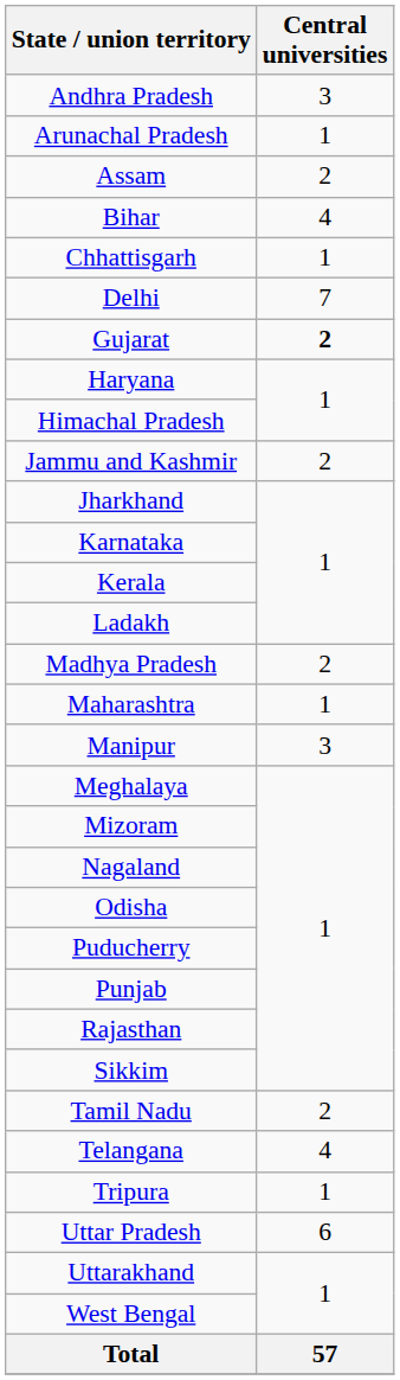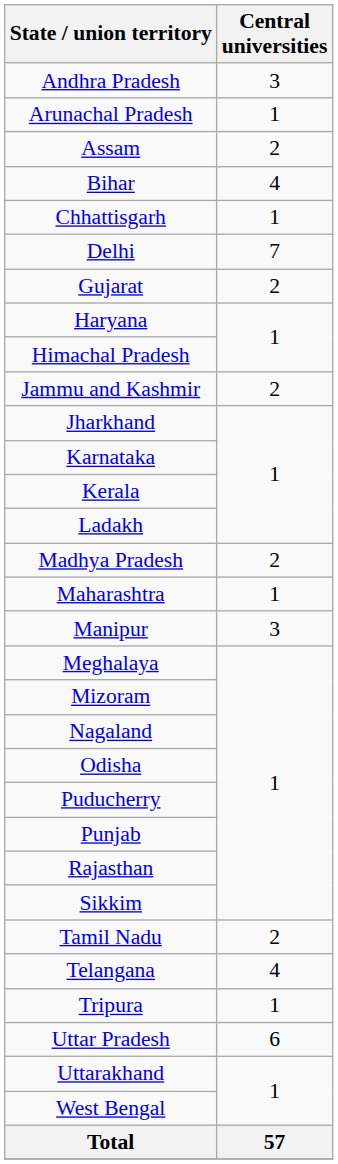 <table class="wikitable sortable collapsible plainrowheaders" border="1" style="text-align:center;">
 <tr>
 <th scope="col">State / union territory</th>
 <th scope="col">Central<br> universities</th>
 </tr>
 <tr>
 <td><a href='#'>Andhra Pradesh</a></td>
 <td>3</td>
 </tr>
 <tr>
 <td><a href='#'>Arunachal Pradesh</a></td>
 <td>1</td>
 </tr>
 <tr>
 <td><a href='#'>Assam</a></td>
 <td>2</td>
 </tr>
 <tr>
 <td><a href='#'>Bihar</a></td>
 <td>4</td>
 </tr>
 <tr>
 <td><a href='#'>Chhattisgarh</a></td>
 <td>1</td>
 </tr>
 <tr>
 <td><a href='#'>Delhi</a></td>
 <td>7</td>
 </tr>
 <tr>
 <td><a href='#'>Gujarat</a></td>
-<td><strong>2</strong></td>
+<td>2</td>
 </tr>
 <tr>
 <td><a href='#'>Haryana</a></td>
 <td rowspan="2">1</td>
 </tr>
 <tr>
 <td><a href='#'>Himachal Pradesh</a></td>
 </tr>
 <tr>
 <td><a href='#'>Jammu and Kashmir</a></td>
 <td>2</td>
 </tr>
 <tr>
 <td><a href='#'>Jharkhand</a></td>
 <td rowspan="4">1</td>
 </tr>
 <tr>
 <td><a href='#'>Karnataka</a></td>
 </tr>
 <tr>
 <td><a href='#'>Kerala</a></td>
 </tr>
 <tr>
 <td><a href='#'>Ladakh</a></td>
 </tr>
 <tr>
 <td><a href='#'>Madhya Pradesh</a></td>
 <td>2</td>
 </tr>
 <tr>
 <td><a href='#'>Maharashtra</a></td>
 <td>1</td>
 </tr>
 <tr>
 <td><a href='#'>Manipur</a></td>
 <td>3</td>
 </tr>
 <tr>
 <td><a href='#'>Meghalaya</a></td>
 <td rowspan="8">1</td>
 </tr>
 <tr>
 <td><a href='#'>Mizoram</a></td>
 </tr>
 <tr>
 <td><a href='#'>Nagaland</a></td>
 </tr>
 <tr>
 <td><a href='#'>Odisha</a></td>
 </tr>
 <tr>
 <td><a href='#'>Puducherry</a></td>
 </tr>
 <tr>
 <td><a href='#'>Punjab</a></td>
 </tr>
 <tr>
 <td><a href='#'>Rajasthan</a></td>
 </tr>
 <tr>
 <td><a href='#'>Sikkim</a></td>
 </tr>
 <tr>
 <td><a href='#'>Tamil Nadu</a></td>
 <td>2</td>
 </tr>
 <tr>
 <td><a href='#'>Telangana</a></td>
 <td>4</td>
 </tr>
 <tr>
 <td><a href='#'>Tripura</a></td>
 <td>1</td>
 </tr>
 <tr>
 <td><a href='#'>Uttar Pradesh</a></td>
 <td>6</td>
 </tr>
 <tr>
 <td><a href='#'>Uttarakhand</a></td>
 <td rowspan="2">1</td>
 </tr>
 <tr>
 <td><a href='#'>West Bengal</a></td>
 </tr>
 <tr class="sortbottom">
 <th>Total</th>
 <th style="text-align:center">57</th>
 </tr>
 <tr>
 </tr>
 </table>
